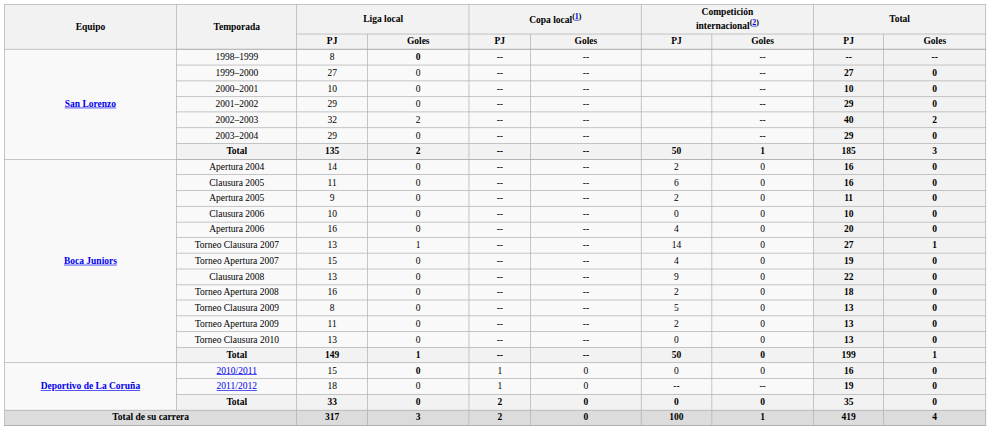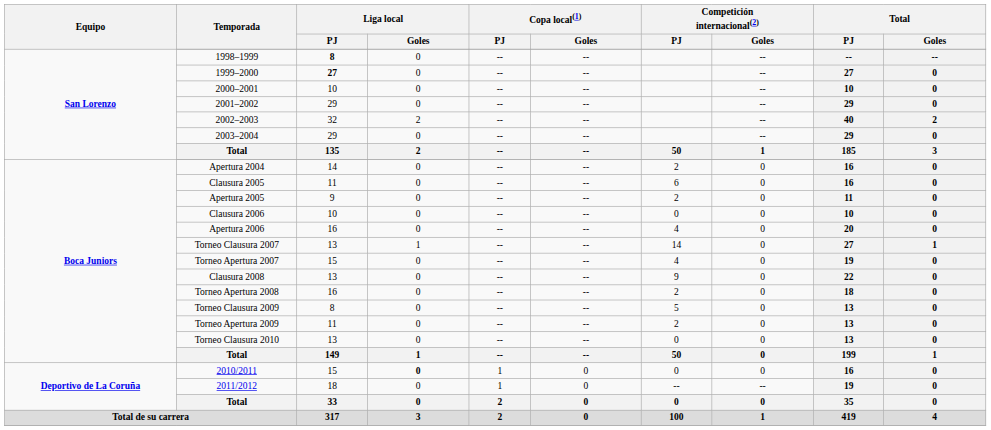 <table class="wikitable" style=font-size:90% text-align: center width=75%>
 <tr>
 <th rowspan=2 width=10%><strong>Equipo</strong></th>
 <th rowspan=2 width=7%><strong>Temporada</strong></th>
 <th colspan=2 width=10%>Liga local</th>
 <th colspan=2 width=10%>Copa local<sup><strong>(<a href='#'>1</a>)</strong></sup></th>
 <th colspan=2 width=10%>Competición<br>internacional<sup><strong>(<a href='#'>2</a>)</strong></sup></th>
 <th colspan=2 width=10%>Total</th>
 </tr>
 <tr>
 <th align=center><strong>PJ</strong></th>
 <th align=center><strong>Goles</strong></th>
 <th align=center><strong>PJ</strong></th>
 <th align=center><strong>Goles</strong></th>
 <th align=center><strong>PJ</strong></th>
 <th align=center><strong>Goles</strong></th>
 <th align=center><strong>PJ</strong></th>
 <th align=center><strong>Goles</strong></th>
 </tr>
 <tr>
 <td rowspan=8 align=center><strong><a href='#'>San Lorenzo</a></strong></td>
 </tr>
 <tr>
 <td align=center>1998–1999</td>
-<td align=center>8</td>
-<td align=center><strong>0</strong></td>
+<td align=center><strong>8</strong></td>
+<td align=center>0</td>
 <td align=center>--</td>
 <td align=center>--</td>
 <td align=center></td>
 <td align=center>--</td>
 <th align=center><strong>--</strong></th>
 <th align=center><strong>--</strong></th>
 </tr>
 <tr>
 <td align=center>1999–2000</td>
-<td align=center>27</td>
+<td align=center><strong>27</strong></td>
 <td align=center>0</td>
 <td align=center>--</td>
 <td align=center>--</td>
 <td align=center></td>
 <td align=center>--</td>
 <th align=center><strong>27</strong></th>
 <th align=center><strong>0</strong></th>
 </tr>
 <tr>
 <td align=center>2000–2001</td>
 <td align=center>10</td>
 <td align=center>0</td>
 <td align=center>--</td>
 <td align=center>--</td>
 <td align=center></td>
 <td align=center>--</td>
 <th align=center><strong>10</strong></th>
 <th align=center><strong>0</strong></th>
 </tr>
 <tr>
 <td align=center>2001–2002</td>
 <td align=center>29</td>
 <td align=center>0</td>
 <td align=center>--</td>
 <td align=center>--</td>
 <td align=center></td>
 <td align=center>--</td>
 <th align=center><strong>29</strong></th>
 <th align=center><strong>0</strong></th>
 </tr>
 <tr>
 <td align=center>2002–2003</td>
 <td align=center>32</td>
 <td align=center>2</td>
 <td align=center>--</td>
 <td align=center>--</td>
 <td align=center></td>
 <td align=center>--</td>
 <th align=center><strong>40</strong></th>
 <th align=center><strong>2</strong></th>
 </tr>
 <tr>
 <td align=center>2003–2004</td>
 <td align=center>29</td>
 <td align=center>0</td>
 <td align=center>--</td>
 <td align=center>--</td>
 <td align=center></td>
 <td align=center>--</td>
 <th align=center><strong>29</strong></th>
 <th align=center><strong>0</strong></th>
 </tr>
 <tr>
 <th>Total</th>
 <th>135</th>
 <th>2</th>
 <th>--</th>
 <th>--</th>
 <th>50</th>
 <th>1</th>
 <th>185</th>
 <th>3</th>
 </tr>
 <tr>
 <td rowspan=14 align=center><strong><a href='#'>Boca Juniors</a></strong></td>
 </tr>
 <tr>
 <td align=center>Apertura 2004</td>
 <td align=center>14</td>
 <td align=center>0</td>
 <td align=center>--</td>
 <td align=center>--</td>
 <td align=center>2</td>
 <td align=center>0</td>
 <th align=center><strong>16</strong></th>
 <th align=center><strong>0</strong></th>
 </tr>
 <tr>
 <td align=center>Clausura 2005</td>
 <td align=center>11</td>
 <td align=center>0</td>
 <td align=center>--</td>
 <td align=center>--</td>
 <td align=center>6</td>
 <td align=center>0</td>
 <th align=center><strong>16</strong></th>
 <th align=center><strong>0</strong></th>
 </tr>
 <tr>
 <td align=center>Apertura 2005</td>
 <td align=center>9</td>
 <td align=center>0</td>
 <td align=center>--</td>
 <td align=center>--</td>
 <td align=center>2</td>
 <td align=center>0</td>
 <th align=center><strong>11</strong></th>
 <th align=center><strong>0</strong></th>
 </tr>
 <tr>
 <td align=center>Clausura 2006</td>
 <td align=center>10</td>
 <td align=center>0</td>
 <td align=center>--</td>
 <td align=center>--</td>
 <td align=center>0</td>
 <td align=center>0</td>
 <th align=center><strong>10</strong></th>
 <th align=center><strong>0</strong></th>
 </tr>
 <tr>
 <td align=center>Apertura 2006</td>
 <td align=center>16</td>
 <td align=center>0</td>
 <td align=center>--</td>
 <td align=center>--</td>
 <td align=center>4</td>
 <td align=center>0</td>
 <th align=center><strong>20</strong></th>
 <th align=center><strong>0</strong></th>
 </tr>
 <tr>
 <td align=center>Torneo Clausura 2007</td>
 <td align=center>13</td>
 <td align=center>1</td>
 <td align=center>--</td>
 <td align=center>--</td>
 <td align=center>14</td>
 <td align=center>0</td>
 <th align=center><strong>27</strong></th>
 <th align=center><strong>1</strong></th>
 </tr>
 <tr>
 <td align=center>Torneo Apertura 2007</td>
 <td align=center>15</td>
 <td align=center>0</td>
 <td align=center>--</td>
 <td align=center>--</td>
 <td align=center>4</td>
 <td align=center>0</td>
 <th align=center><strong>19</strong></th>
 <th align=center><strong>0</strong></th>
 </tr>
 <tr>
 <td align=center>Clausura 2008</td>
 <td align=center>13</td>
 <td align=center>0</td>
 <td align=center>--</td>
 <td align=center>--</td>
 <td align=center>9</td>
 <td align=center>0</td>
 <th align=center><strong>22</strong></th>
 <th align=center><strong>0</strong></th>
 </tr>
 <tr>
 <td align=center>Torneo Apertura 2008</td>
 <td align=center>16</td>
 <td align=center>0</td>
 <td align=center>--</td>
 <td align=center>--</td>
 <td align=center>2</td>
 <td align=center>0</td>
 <th align=center><strong>18</strong></th>
 <th align=center><strong>0</strong></th>
 </tr>
 <tr>
 <td align=center>Torneo Clausura 2009</td>
 <td align=center>8</td>
 <td align=center>0</td>
 <td align=center>--</td>
 <td align=center>--</td>
 <td align=center>5</td>
 <td align=center>0</td>
 <th align=center><strong>13</strong></th>
 <th align=center><strong>0</strong></th>
 </tr>
 <tr>
 <td align=center>Torneo Apertura 2009</td>
 <td align=center>11</td>
 <td align=center>0</td>
 <td align=center>--</td>
 <td align=center>--</td>
 <td align=center>2</td>
 <td align=center>0</td>
 <th align=center><strong>13</strong></th>
 <th align=center><strong>0</strong></th>
 </tr>
 <tr>
 <td align=center>Torneo Clausura 2010</td>
 <td align=center>13</td>
 <td align=center>0</td>
 <td align=center>--</td>
 <td align=center>--</td>
 <td align=center>0</td>
 <td align=center>0</td>
 <th align=center><strong>13</strong></th>
 <th align=center><strong>0</strong></th>
 </tr>
 <tr>
 <th>Total</th>
 <th>149</th>
 <th>1</th>
 <th>--</th>
 <th>--</th>
 <th>50</th>
 <th>0</th>
 <th>199</th>
 <th>1</th>
 </tr>
 <tr>
 <td rowspan=3 align=center><strong><a href='#'>Deportivo de La Coruña</a></strong></td>
 <td align=center><a href='#'>2010/2011</a></td>
 <td align=center>15</td>
 <td align=center><strong>0</strong></td>
 <td align=center>1</td>
 <td align=center>0</td>
 <td align=center>0</td>
 <td align=center>0</td>
 <th align=center><strong>16</strong></th>
 <th align=center><strong>0</strong></th>
 </tr>
 <tr>
 <td align=center><a href='#'>2011/2012</a></td>
 <td align=center>18</td>
 <td align=center>0</td>
 <td align=center>1</td>
 <td align=center>0</td>
 <td align=center>--</td>
 <td align=center>--</td>
 <th align=center><strong>19</strong></th>
 <th align=center><strong>0</strong></th>
 </tr>
 <tr>
 <th>Total</th>
 <th>33</th>
 <th>0</th>
 <th>2</th>
 <th>0</th>
 <th>0</th>
 <th>0</th>
 <th>35</th>
 <th>0</th>
 </tr>
 <tr>
 <th style="background: #DCDCDC" colspan=2>Total de su carrera</th>
 <th style="background: #DCDCDC" align=center><strong>317</strong></th>
 <th style="background: #DCDCDC" align=center><strong>3</strong></th>
 <th style="background: #DCDCDC" align=center><strong>2</strong></th>
 <th style="background: #DCDCDC" align=center><strong>0</strong></th>
 <th style="background: #DCDCDC" align=center><strong>100</strong></th>
 <th style="background: #DCDCDC" align=center><strong>1</strong></th>
 <th style="background: #DCDCDC" align=center><strong>419</strong></th>
 <th style="background: #DCDCDC" align=center><strong>4</strong></th>
 </tr>
 <tr>
 </tr>
 </table>
